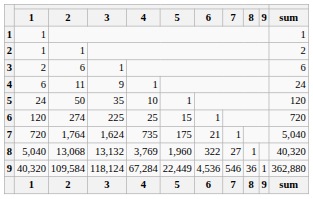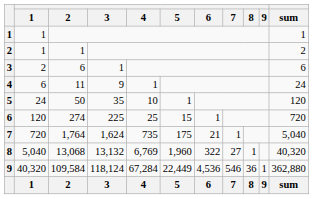 <table class="wikitable">
 <tr>
 <th rowspan="2" valign="center"></th>
 <th colspan="9"></th>
 <th></th>
 </tr>
 <tr>
 <th>1</th>
 <th>2</th>
 <th>3</th>
 <th>4</th>
 <th>5</th>
 <th>6</th>
 <th>7</th>
 <th>8</th>
 <th>9</th>
 <th>sum</th>
 </tr>
 <tr>
 <th>1</th>
 <td align="right">1</td>
 <td colspan="8"></td>
 <td align="right">1</td>
 </tr>
 <tr>
 <th>2</th>
 <td align="right">1</td>
 <td align="right">1</td>
 <td colspan="7"></td>
 <td align="right">2</td>
 </tr>
 <tr>
 <th>3</th>
 <td align="right">2</td>
 <td align="right">6</td>
 <td align="right">1</td>
 <td colspan="6"></td>
 <td align="right">6</td>
 </tr>
 <tr>
 <th>4</th>
 <td align="right">6</td>
 <td align="right">11</td>
 <td align="right">9</td>
 <td align="right">1</td>
 <td colspan="5"></td>
 <td align="right">24</td>
 </tr>
 <tr>
 <th>5</th>
 <td align="right">24</td>
 <td align="right">50</td>
 <td align="right">35</td>
 <td align="right">10</td>
 <td align="right">1</td>
 <td colspan="4"></td>
 <td align="right">120</td>
 </tr>
 <tr>
 <th>6</th>
 <td align="right">120</td>
 <td align="right">274</td>
 <td align="right">225</td>
 <td align="right">25</td>
 <td align="right">15</td>
 <td align="right">1</td>
 <td colspan="3"></td>
 <td align="right">720</td>
 </tr>
 <tr>
 <th>7</th>
 <td align="right">720</td>
 <td align="right">1,764</td>
 <td align="right">1,624</td>
 <td align="right">735</td>
 <td align="right">175</td>
 <td align="right">21</td>
 <td align="right">1</td>
 <td colspan="2"></td>
 <td align="right">5,040</td>
 </tr>
 <tr>
 <th>8</th>
 <td align="right">5,040</td>
 <td align="right">13,068</td>
 <td align="right">13,132</td>
-<td align="right">3,769</td>
+<td align="right">6,769</td>
 <td align="right">1,960</td>
 <td align="right">322</td>
 <td align="right">27</td>
 <td align="right">1</td>
 <td colspan="1"></td>
 <td align="right">40,320</td>
 </tr>
 <tr>
 <th>9</th>
 <td align="right">40,320</td>
 <td align="right">109,584</td>
 <td align="right">118,124</td>
 <td align="right">67,284</td>
 <td align="right">22,449</td>
 <td align="right">4,536</td>
 <td align="right">546</td>
 <td align="right">36</td>
 <td align="right">1</td>
 <td align="right">362,880</td>
 </tr>
 <tr>
 <th></th>
 <th>1</th>
 <th>2</th>
 <th>3</th>
 <th>4</th>
 <th>5</th>
 <th>6</th>
 <th>7</th>
 <th>8</th>
 <th>9</th>
 <th>sum</th>
 </tr>
 </table>
